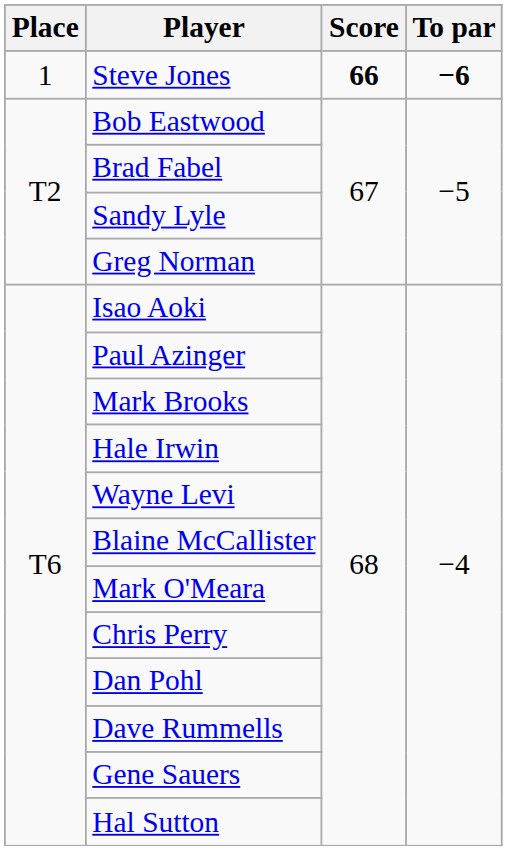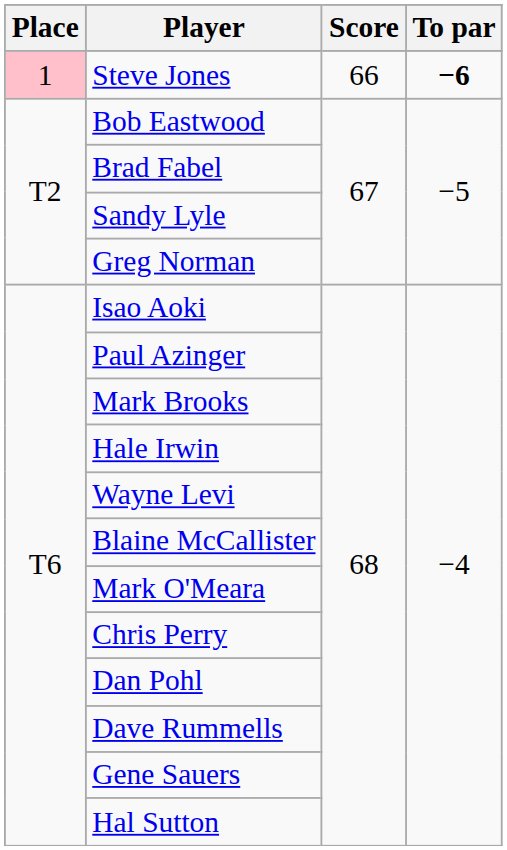 <table class="wikitable">
 <tr>
 <th>Place</th>
 <th>Player</th>
 <th>Score</th>
 <th>To par</th>
 </tr>
 <tr>
-<td align=center>1</td>
+<td align=center style="background: pink;">1</td>
 <td> <a href='#'>Steve Jones</a></td>
-<td align=center><strong>66</strong></td>
+<td align=center>66</td>
 <td align=center><strong>−6</strong></td>
 </tr>
 <tr>
 <td rowspan=4 align=center>T2</td>
 <td> <a href='#'>Bob Eastwood</a></td>
 <td rowspan=4 align=center>67</td>
 <td rowspan=4 align=center>−5</td>
 </tr>
 <tr>
 <td> <a href='#'>Brad Fabel</a></td>
 </tr>
 <tr>
 <td> <a href='#'>Sandy Lyle</a></td>
 </tr>
 <tr>
 <td> <a href='#'>Greg Norman</a></td>
 </tr>
 <tr>
 <td rowspan=12 align=center>T6</td>
 <td> <a href='#'>Isao Aoki</a></td>
 <td rowspan=12 align=center>68</td>
 <td rowspan=12 align=center>−4</td>
 </tr>
 <tr>
 <td> <a href='#'>Paul Azinger</a></td>
 </tr>
 <tr>
 <td> <a href='#'>Mark Brooks</a></td>
 </tr>
 <tr>
 <td> <a href='#'>Hale Irwin</a></td>
 </tr>
 <tr>
 <td> <a href='#'>Wayne Levi</a></td>
 </tr>
 <tr>
 <td> <a href='#'>Blaine McCallister</a></td>
 </tr>
 <tr>
 <td> <a href='#'>Mark O'Meara</a></td>
 </tr>
 <tr>
 <td> <a href='#'>Chris Perry</a></td>
 </tr>
 <tr>
 <td> <a href='#'>Dan Pohl</a></td>
 </tr>
 <tr>
 <td> <a href='#'>Dave Rummells</a></td>
 </tr>
 <tr>
 <td> <a href='#'>Gene Sauers</a></td>
 </tr>
 <tr>
 <td> <a href='#'>Hal Sutton</a></td>
 </tr>
 </table>
